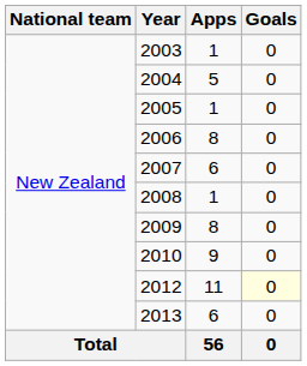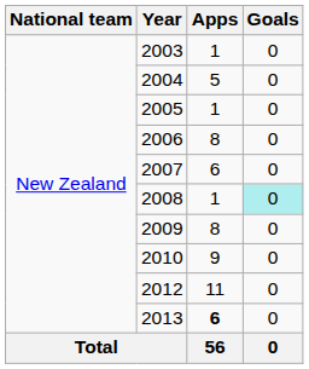 <table class="wikitable" style="text-align: center;">
 <tr>
 <th>National team</th>
 <th>Year</th>
 <th>Apps</th>
 <th>Goals</th>
 </tr>
 <tr>
 <td rowspan="10"><a href='#'>New Zealand</a></td>
 <td>2003</td>
 <td>1</td>
 <td>0</td>
 </tr>
 <tr>
 <td>2004</td>
 <td>5</td>
 <td>0</td>
 </tr>
 <tr>
 <td>2005</td>
 <td>1</td>
 <td>0</td>
 </tr>
 <tr>
 <td>2006</td>
 <td>8</td>
 <td>0</td>
 </tr>
 <tr>
 <td>2007</td>
 <td>6</td>
 <td>0</td>
 </tr>
 <tr>
 <td>2008</td>
 <td>1</td>
-<td>0</td>
+<td style="background: paleturquoise;">0</td>
 </tr>
 <tr>
 <td>2009</td>
 <td>8</td>
 <td>0</td>
 </tr>
 <tr>
 <td>2010</td>
 <td>9</td>
 <td>0</td>
 </tr>
 <tr>
 <td>2012</td>
 <td>11</td>
-<td style="background: lightyellow;">0</td>
+<td>0</td>
 </tr>
 <tr>
 <td>2013</td>
-<td>6</td>
+<td><strong>6</strong></td>
 <td>0</td>
 </tr>
 <tr>
 <th colspan="2">Total</th>
 <th>56</th>
 <th>0</th>
 </tr>
 </table>
